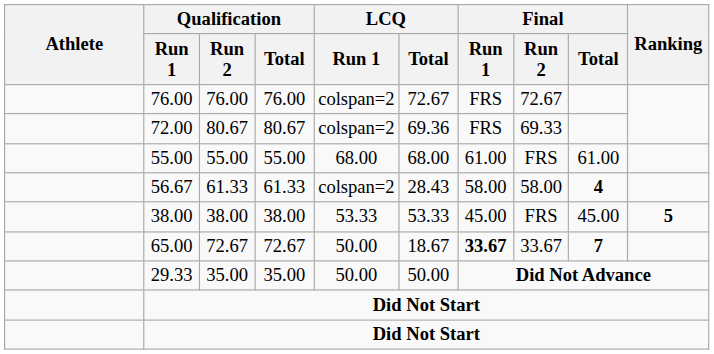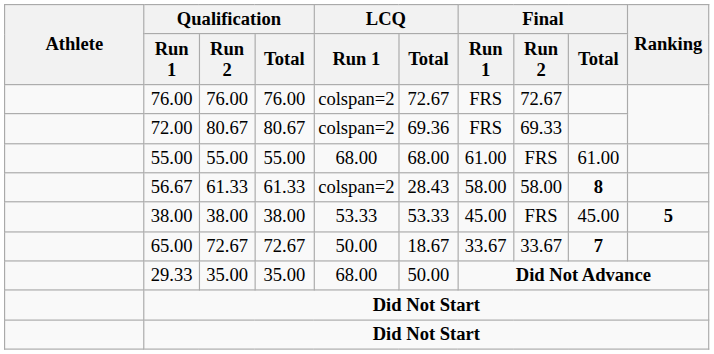 <table class=wikitable style="text-align:center">
 <tr>
 <th rowspan=2 width=250>Athlete</th>
 <th colspan=3>Qualification</th>
 <th colspan=2>LCQ</th>
 <th colspan=3>Final</th>
 <th rowspan=2 width=70>Ranking</th>
 </tr>
 <tr>
 <th width=50>Run 1</th>
 <th width=50>Run 2</th>
 <th width=60>Total</th>
 <th width=50>Run 1</th>
 <th width=60>Total</th>
 <th width=50>Run 1</th>
 <th width=50>Run 2</th>
 <th width=60>Total</th>
 </tr>
 <tr>
 <td align=left></td>
 <td>76.00</td>
 <td>76.00</td>
 <td>76.00</td>
 <td>colspan=2 </td>
 <td>72.67</td>
 <td>FRS</td>
 <td>72.67</td>
 <td></td>
 </tr>
 <tr>
 <td align=left></td>
 <td>72.00</td>
 <td>80.67</td>
 <td>80.67</td>
 <td>colspan=2 </td>
 <td>69.36</td>
 <td>FRS</td>
 <td>69.33</td>
 <td></td>
 </tr>
 <tr>
 <td align=left></td>
 <td>55.00</td>
 <td>55.00</td>
 <td>55.00</td>
 <td>68.00</td>
 <td>68.00</td>
 <td>61.00</td>
 <td>FRS</td>
 <td>61.00</td>
 <td></td>
 </tr>
 <tr>
 <td align=left></td>
 <td>56.67</td>
 <td>61.33</td>
 <td>61.33</td>
 <td>colspan=2 </td>
 <td>28.43</td>
 <td>58.00</td>
 <td>58.00</td>
-<td><strong>4</strong></td>
+<td><strong>8</strong></td>
 </tr>
 <tr>
 <td align=left></td>
 <td>38.00</td>
 <td>38.00</td>
 <td>38.00</td>
 <td>53.33</td>
 <td>53.33</td>
 <td>45.00</td>
 <td>FRS</td>
 <td>45.00</td>
 <td><strong>5</strong></td>
 </tr>
 <tr>
 <td align=left></td>
 <td>65.00</td>
 <td>72.67</td>
 <td>72.67</td>
 <td>50.00</td>
 <td>18.67</td>
-<td><strong>33.67</strong></td>
+<td>33.67</td>
 <td>33.67</td>
 <td><strong>7</strong></td>
 </tr>
 <tr>
 <td align=left></td>
 <td>29.33</td>
 <td>35.00</td>
 <td>35.00</td>
-<td>50.00</td>
+<td>68.00</td>
 <td>50.00</td>
 <td colspan=4><strong>Did Not Advance</strong></td>
 </tr>
 <tr>
 <td align=left></td>
 <td colspan=9><strong>Did Not Start</strong></td>
 </tr>
 <tr>
 <td align=left></td>
 <td colspan=9><strong>Did Not Start</strong></td>
 </tr>
 </table>
